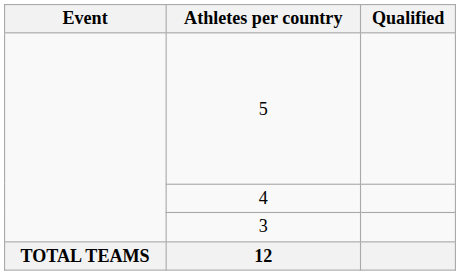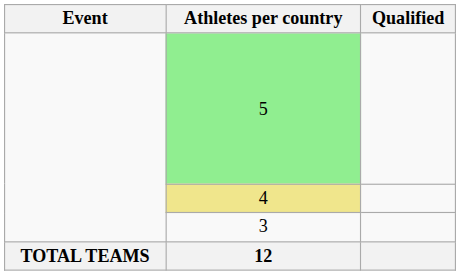 <table class=wikitable width=400>
 <tr>
 <th>Event</th>
 <th>Athletes per country</th>
 <th>Qualified</th>
 </tr>
 <tr>
 <td rowspan="3"></td>
-<td align="center">5</td>
+<td align="center" style="background: lightgreen;">5</td>
 <td><br><br><br><br><br><br><br></td>
 </tr>
 <tr>
-<td align="center">4</td>
+<td align="center" style="background: khaki;">4</td>
 <td></td>
 </tr>
 <tr>
 <td align="center">3</td>
 <td></td>
 </tr>
 <tr>
 <th>TOTAL TEAMS</th>
 <th>12</th>
 <th></th>
 </tr>
 </table>
